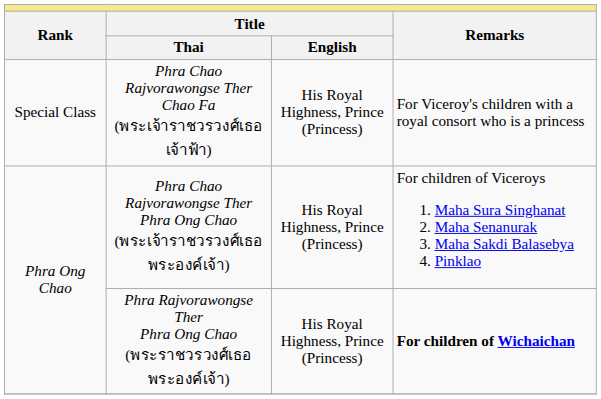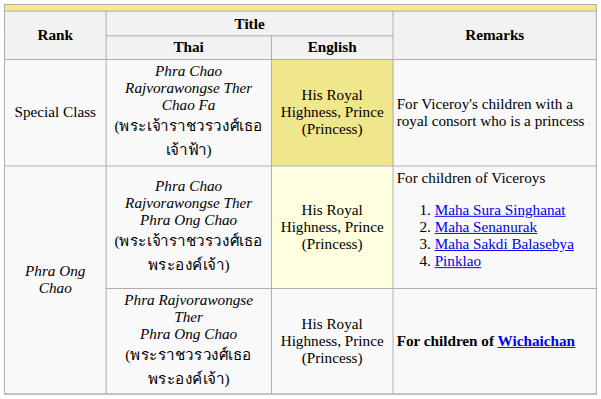 <table class="wikitable" width="100%">
 <tr>
 <td colspan=4 style="background: #F7E98E;"></td>
 </tr>
 <tr>
 <th rowspan=2 width="10%">Rank</th>
 <th colspan=2 width="25%">Title</th>
 <th rowspan=2 width="20%">Remarks</th>
 </tr>
 <tr>
 <th width="15%">Thai</th>
 <th width="12%">English</th>
 </tr>
 <tr>
 <td align="center">Special Class</td>
 <td align="center"><em>Phra Chao Rajvorawongse Ther Chao Fa</em> <br> (พระเจ้าราชวรวงศ์เธอ เจ้าฟ้า)</td>
-<td align="center">His Royal Highness, Prince (Princess)</td>
+<td align="center" style="background: khaki;">His Royal Highness, Prince (Princess)</td>
 <td>For Viceroy's children with a royal consort who is a princess</td>
 </tr>
 <tr>
 <td rowspan=2 align="center"><em>Phra Ong Chao</em></td>
 <td align="center"><em>Phra Chao Rajvorawongse Ther <br> Phra Ong Chao</em> <br> (พระเจ้าราชวรวงศ์เธอ พระองค์เจ้า)</td>
-<td align="center">His Royal Highness, Prince (Princess)</td>
+<td align="center" style="background: lightyellow;">His Royal Highness, Prince (Princess)</td>
 <td>For children of Viceroys<br><ol><li><a href='#'>Maha Sura Singhanat</a></li><li><a href='#'>Maha Senanurak</a></li><li><a href='#'>Maha Sakdi Balasebya</a></li><li><a href='#'>Pinklao</a></li></ol></td>
 </tr>
 <tr>
 <td align="center"><em>Phra Rajvorawongse Ther <br> Phra Ong Chao</em> <br> (พระราชวรวงศ์เธอ พระองค์เจ้า)</td>
 <td align="center">His Royal Highness, Prince (Princess)</td>
 <td><strong>For children of <a href='#'>Wichaichan</a></strong></td>
 </tr>
 <tr>
 </tr>
 </table>
